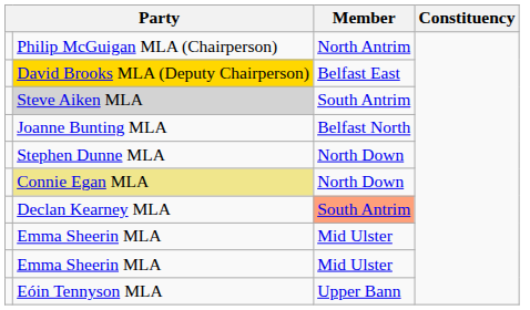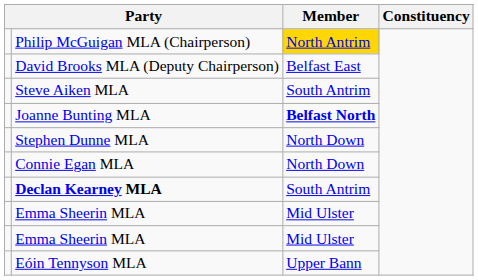 <table class="wikitable" border="1">
 <tr>
 <th colspan="2" scope="col">Party</th>
 <th scope="col">Member</th>
 <th scope="col">Constituency</th>
 </tr>
 <tr>
 <td></td>
 <td><a href='#'>Philip McGuigan</a> MLA (Chairperson)</td>
-<td><a href='#'>North Antrim</a></td>
+<td style="background: gold;"><a href='#'>North Antrim</a></td>
 </tr>
 <tr>
 <td></td>
-<td style="background: gold;"><a href='#'>David Brooks</a> MLA (Deputy Chairperson)</td>
+<td><a href='#'>David Brooks</a> MLA (Deputy Chairperson)</td>
 <td><a href='#'>Belfast East</a></td>
 </tr>
 <tr>
 <td></td>
-<td style="background: lightgrey;"><a href='#'>Steve Aiken</a> MLA</td>
+<td><a href='#'>Steve Aiken</a> MLA</td>
 <td><a href='#'>South Antrim</a></td>
 </tr>
 <tr>
 <td></td>
 <td><a href='#'>Joanne Bunting</a> MLA</td>
-<td><a href='#'>Belfast North</a></td>
+<td><strong><a href='#'>Belfast North</a></strong></td>
 </tr>
 <tr>
 <td></td>
 <td><a href='#'>Stephen Dunne</a> MLA</td>
 <td><a href='#'>North Down</a></td>
 </tr>
 <tr>
 <td></td>
-<td style="background: khaki;"><a href='#'>Connie Egan</a> MLA</td>
+<td><a href='#'>Connie Egan</a> MLA</td>
 <td><a href='#'>North Down</a></td>
 </tr>
 <tr>
 <td></td>
-<td><a href='#'>Declan Kearney</a> MLA</td>
-<td style="background: lightsalmon;"><a href='#'>South Antrim</a></td>
+<td><strong><a href='#'>Declan Kearney</a> MLA</strong></td>
+<td><a href='#'>South Antrim</a></td>
 </tr>
 <tr>
 <td></td>
 <td><a href='#'>Emma Sheerin</a> MLA</td>
 <td><a href='#'>Mid Ulster</a></td>
 </tr>
 <tr>
 <td></td>
 <td><a href='#'>Emma Sheerin</a> MLA</td>
 <td><a href='#'>Mid Ulster</a></td>
 </tr>
 <tr>
 <td></td>
 <td><a href='#'>Eóin Tennyson</a> MLA</td>
 <td><a href='#'>Upper Bann</a></td>
 </tr>
 </table>
